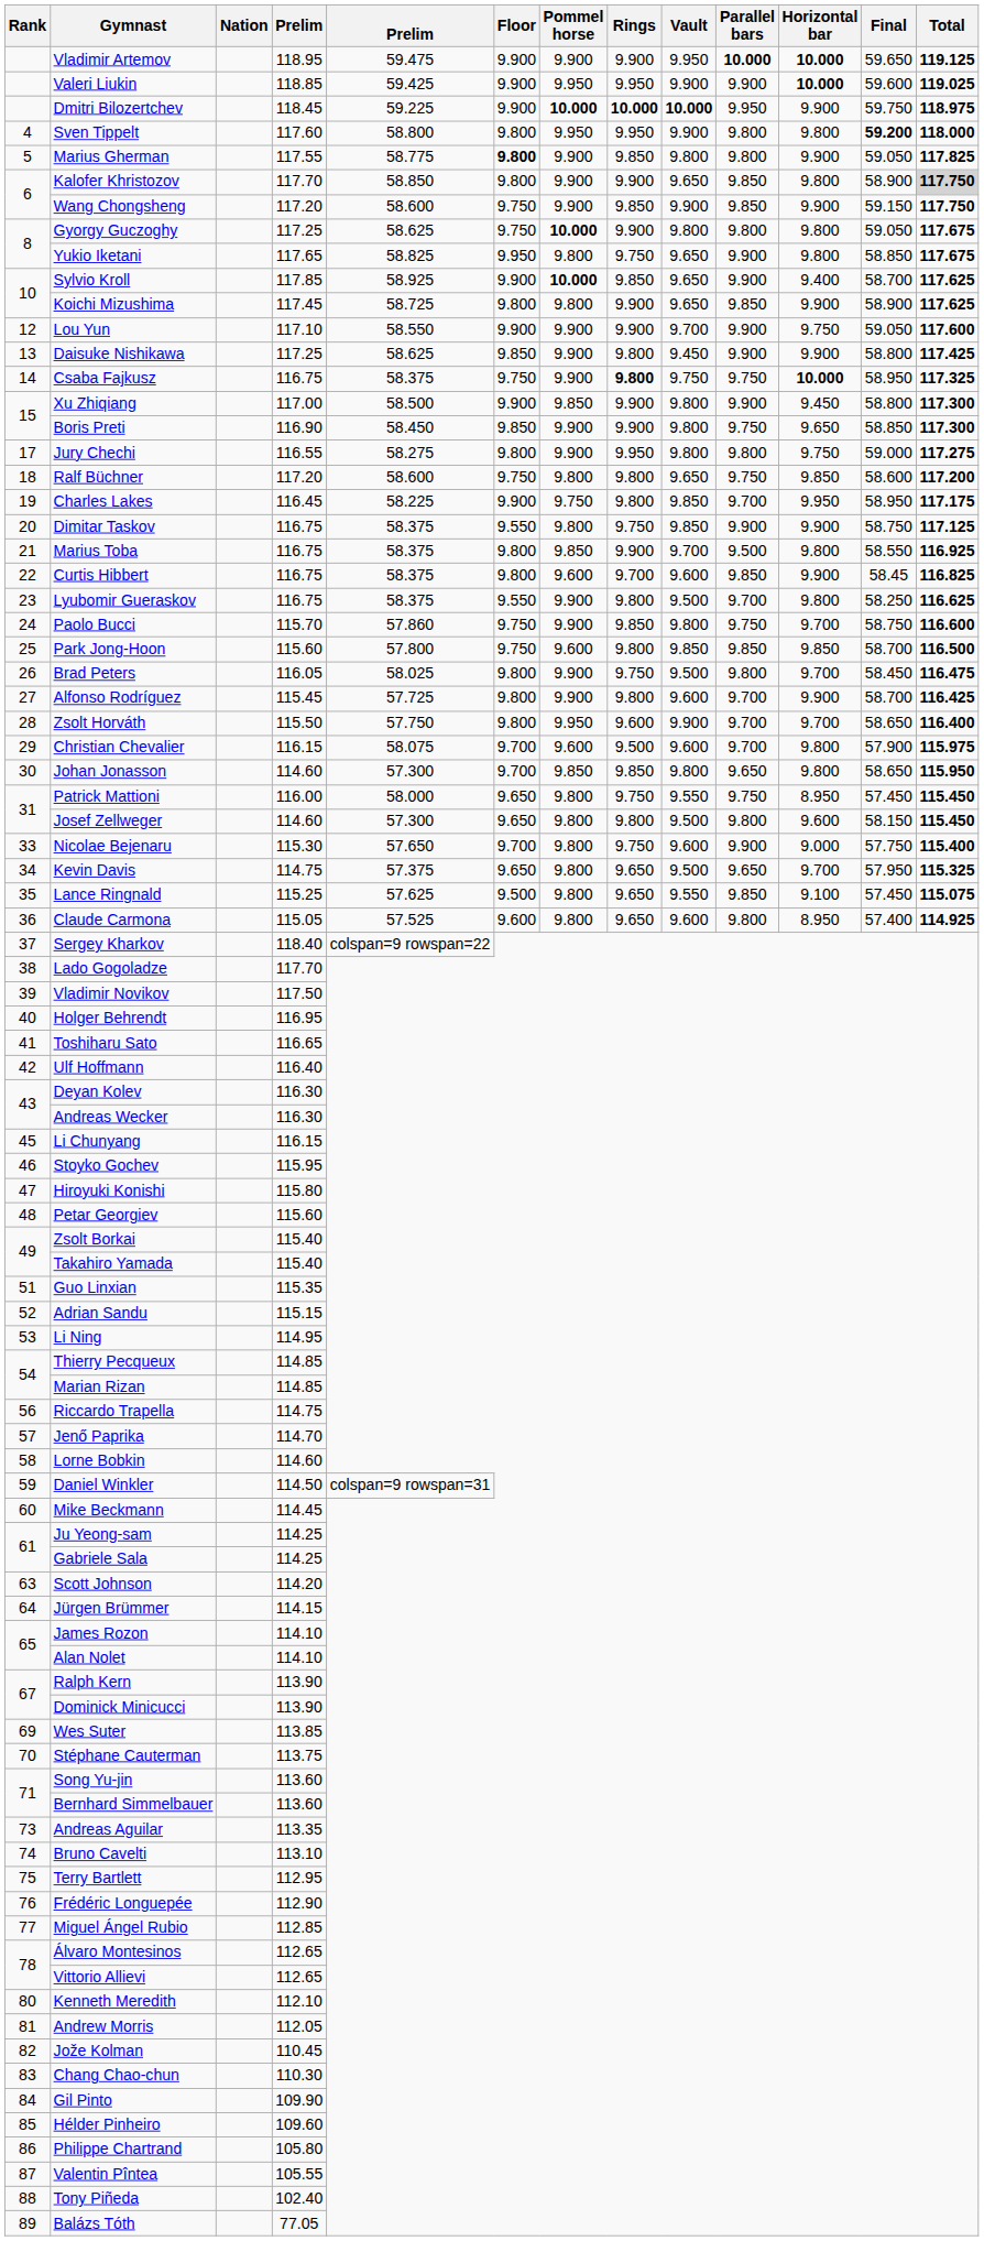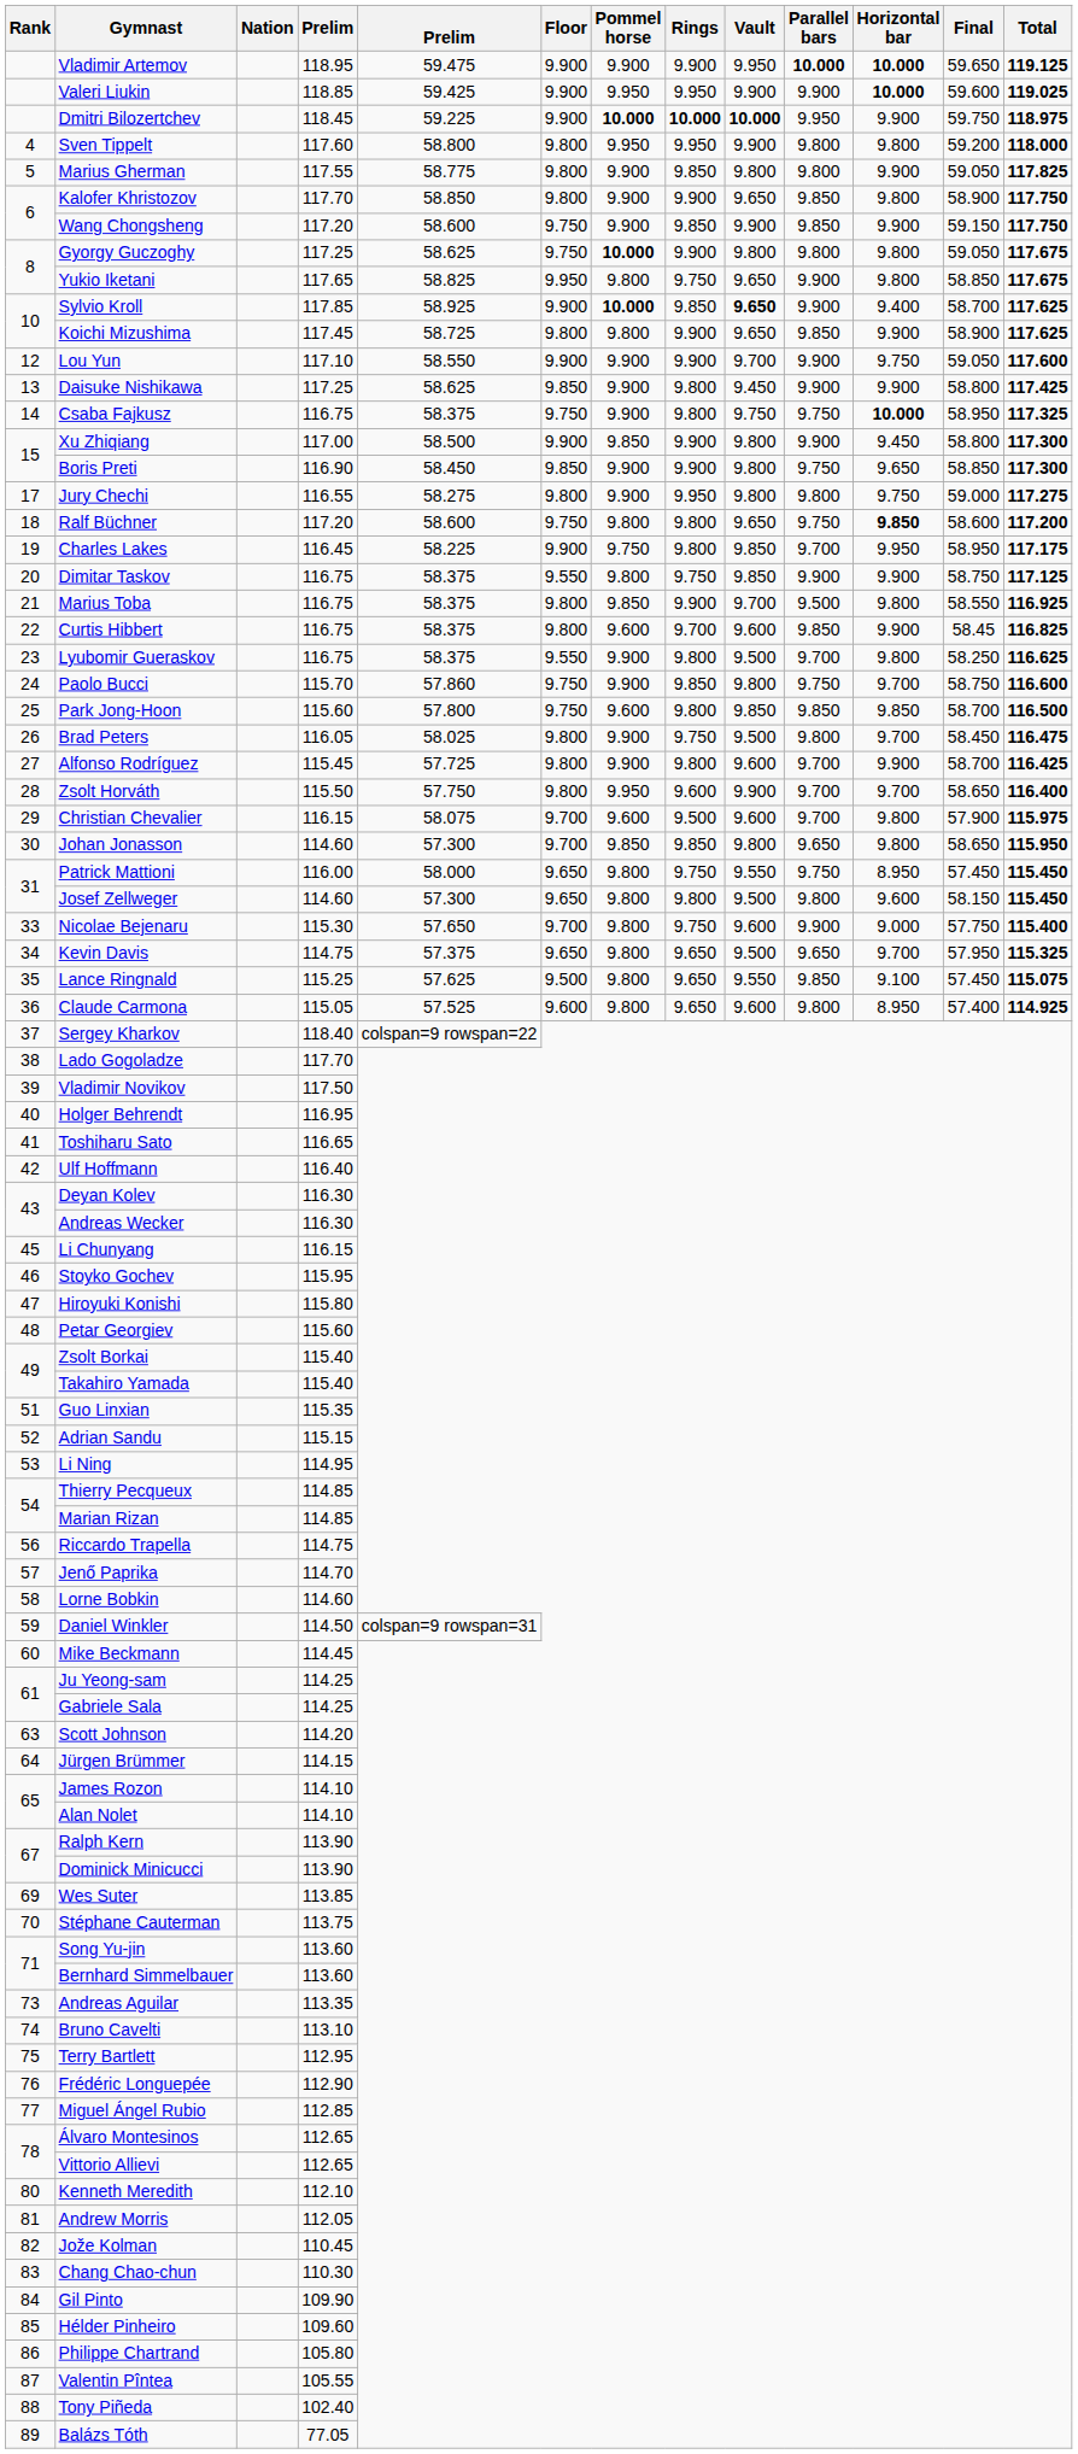 <table class="wikitable sortable" style="text-align:center">
 <tr>
 <th>Rank</th>
 <th>Gymnast</th>
 <th>Nation</th>
 <th>Prelim</th>
 <th><br>Prelim</th>
 <th>Floor</th>
 <th>Pommel<br>horse</th>
 <th>Rings</th>
 <th>Vault</th>
 <th>Parallel<br>bars</th>
 <th>Horizontal<br>bar</th>
 <th>Final</th>
 <th>Total</th>
 </tr>
 <tr>
 <td></td>
 <td align=left><a href='#'>Vladimir Artemov</a></td>
 <td align=left></td>
 <td>118.95</td>
 <td>59.475</td>
 <td>9.900</td>
 <td>9.900</td>
 <td>9.900</td>
 <td>9.950</td>
 <td><strong>10.000</strong></td>
 <td><strong>10.000</strong></td>
 <td>59.650</td>
 <td><strong>119.125</strong></td>
 </tr>
 <tr>
 <td></td>
 <td align=left><a href='#'>Valeri Liukin</a></td>
 <td align=left></td>
 <td>118.85</td>
 <td>59.425</td>
 <td>9.900</td>
 <td>9.950</td>
 <td>9.950</td>
 <td>9.900</td>
 <td>9.900</td>
 <td><strong>10.000</strong></td>
 <td>59.600</td>
 <td><strong>119.025</strong></td>
 </tr>
 <tr>
 <td></td>
 <td align=left><a href='#'>Dmitri Bilozertchev</a></td>
 <td align=left></td>
 <td>118.45</td>
 <td>59.225</td>
 <td>9.900</td>
 <td><strong>10.000</strong></td>
 <td><strong>10.000</strong></td>
 <td><strong>10.000</strong></td>
 <td>9.950</td>
 <td>9.900</td>
 <td>59.750</td>
 <td><strong>118.975</strong></td>
 </tr>
 <tr>
 <td>4</td>
 <td align=left><a href='#'>Sven Tippelt</a></td>
 <td align=left></td>
 <td>117.60</td>
 <td>58.800</td>
 <td>9.800</td>
 <td>9.950</td>
 <td>9.950</td>
 <td>9.900</td>
 <td>9.800</td>
 <td>9.800</td>
-<td><strong>59.200</strong></td>
+<td>59.200</td>
 <td><strong>118.000</strong></td>
 </tr>
 <tr>
 <td>5</td>
 <td align=left><a href='#'>Marius Gherman</a></td>
 <td align=left></td>
 <td>117.55</td>
 <td>58.775</td>
-<td><strong>9.800</strong></td>
+<td>9.800</td>
 <td>9.900</td>
 <td>9.850</td>
 <td>9.800</td>
 <td>9.800</td>
 <td>9.900</td>
 <td>59.050</td>
 <td><strong>117.825</strong></td>
 </tr>
 <tr>
 <td rowspan=2>6</td>
 <td align=left><a href='#'>Kalofer Khristozov</a></td>
 <td align=left></td>
 <td>117.70</td>
 <td>58.850</td>
 <td>9.800</td>
 <td>9.900</td>
 <td>9.900</td>
 <td>9.650</td>
 <td>9.850</td>
 <td>9.800</td>
 <td>58.900</td>
-<td style="background: lightgrey;"><strong>117.750</strong></td>
+<td><strong>117.750</strong></td>
 </tr>
 <tr>
 <td align=left><a href='#'>Wang Chongsheng</a></td>
 <td align=left></td>
 <td>117.20</td>
 <td>58.600</td>
 <td>9.750</td>
 <td>9.900</td>
 <td>9.850</td>
 <td>9.900</td>
 <td>9.850</td>
 <td>9.900</td>
 <td>59.150</td>
 <td><strong>117.750</strong></td>
 </tr>
 <tr>
 <td rowspan=2>8</td>
 <td align=left><a href='#'>Gyorgy Guczoghy</a></td>
 <td align=left></td>
 <td>117.25</td>
 <td>58.625</td>
 <td>9.750</td>
 <td><strong>10.000</strong></td>
 <td>9.900</td>
 <td>9.800</td>
 <td>9.800</td>
 <td>9.800</td>
 <td>59.050</td>
 <td><strong>117.675</strong></td>
 </tr>
 <tr>
 <td align=left><a href='#'>Yukio Iketani</a></td>
 <td align=left></td>
 <td>117.65</td>
 <td>58.825</td>
 <td>9.950</td>
 <td>9.800</td>
 <td>9.750</td>
 <td>9.650</td>
 <td>9.900</td>
 <td>9.800</td>
 <td>58.850</td>
 <td><strong>117.675</strong></td>
 </tr>
 <tr>
 <td rowspan=2>10</td>
 <td align=left><a href='#'>Sylvio Kroll</a></td>
 <td align=left></td>
 <td>117.85</td>
 <td>58.925</td>
 <td>9.900</td>
 <td><strong>10.000</strong></td>
 <td>9.850</td>
-<td>9.650</td>
+<td><strong>9.650</strong></td>
 <td>9.900</td>
 <td>9.400</td>
 <td>58.700</td>
 <td><strong>117.625</strong></td>
 </tr>
 <tr>
 <td align=left><a href='#'>Koichi Mizushima</a></td>
 <td align=left></td>
 <td>117.45</td>
 <td>58.725</td>
 <td>9.800</td>
 <td>9.800</td>
 <td>9.900</td>
 <td>9.650</td>
 <td>9.850</td>
 <td>9.900</td>
 <td>58.900</td>
 <td><strong>117.625</strong></td>
 </tr>
 <tr>
 <td>12</td>
 <td align=left><a href='#'>Lou Yun</a></td>
 <td align=left></td>
 <td>117.10</td>
 <td>58.550</td>
 <td>9.900</td>
 <td>9.900</td>
 <td>9.900</td>
 <td>9.700</td>
 <td>9.900</td>
 <td>9.750</td>
 <td>59.050</td>
 <td><strong>117.600</strong></td>
 </tr>
 <tr>
 <td>13</td>
 <td align=left><a href='#'>Daisuke Nishikawa</a></td>
 <td align=left></td>
 <td>117.25</td>
 <td>58.625</td>
 <td>9.850</td>
 <td>9.900</td>
 <td>9.800</td>
 <td>9.450</td>
 <td>9.900</td>
 <td>9.900</td>
 <td>58.800</td>
 <td><strong>117.425</strong></td>
 </tr>
 <tr>
 <td>14</td>
 <td align=left><a href='#'>Csaba Fajkusz</a></td>
 <td align=left></td>
 <td>116.75</td>
 <td>58.375</td>
 <td>9.750</td>
 <td>9.900</td>
-<td><strong>9.800</strong></td>
+<td>9.800</td>
 <td>9.750</td>
 <td>9.750</td>
 <td><strong>10.000</strong></td>
 <td>58.950</td>
 <td><strong>117.325</strong></td>
 </tr>
 <tr>
 <td rowspan=2>15</td>
 <td align=left><a href='#'>Xu Zhiqiang</a></td>
 <td align=left></td>
 <td>117.00</td>
 <td>58.500</td>
 <td>9.900</td>
 <td>9.850</td>
 <td>9.900</td>
 <td>9.800</td>
 <td>9.900</td>
 <td>9.450</td>
 <td>58.800</td>
 <td><strong>117.300</strong></td>
 </tr>
 <tr>
 <td align=left><a href='#'>Boris Preti</a></td>
 <td align=left></td>
 <td>116.90</td>
 <td>58.450</td>
 <td>9.850</td>
 <td>9.900</td>
 <td>9.900</td>
 <td>9.800</td>
 <td>9.750</td>
 <td>9.650</td>
 <td>58.850</td>
 <td><strong>117.300</strong></td>
 </tr>
 <tr>
 <td>17</td>
 <td align=left><a href='#'>Jury Chechi</a></td>
 <td align=left></td>
 <td>116.55</td>
 <td>58.275</td>
 <td>9.800</td>
 <td>9.900</td>
 <td>9.950</td>
 <td>9.800</td>
 <td>9.800</td>
 <td>9.750</td>
 <td>59.000</td>
 <td><strong>117.275</strong></td>
 </tr>
 <tr>
 <td>18</td>
 <td align=left><a href='#'>Ralf Büchner</a></td>
 <td align=left></td>
 <td>117.20</td>
 <td>58.600</td>
 <td>9.750</td>
 <td>9.800</td>
 <td>9.800</td>
 <td>9.650</td>
 <td>9.750</td>
-<td>9.850</td>
+<td><strong>9.850</strong></td>
 <td>58.600</td>
 <td><strong>117.200</strong></td>
 </tr>
 <tr>
 <td>19</td>
 <td align=left><a href='#'>Charles Lakes</a></td>
 <td align=left></td>
 <td>116.45</td>
 <td>58.225</td>
 <td>9.900</td>
 <td>9.750</td>
 <td>9.800</td>
 <td>9.850</td>
 <td>9.700</td>
 <td>9.950</td>
 <td>58.950</td>
 <td><strong>117.175</strong></td>
 </tr>
 <tr>
 <td>20</td>
 <td align=left><a href='#'>Dimitar Taskov</a></td>
 <td align=left></td>
 <td>116.75</td>
 <td>58.375</td>
 <td>9.550</td>
 <td>9.800</td>
 <td>9.750</td>
 <td>9.850</td>
 <td>9.900</td>
 <td>9.900</td>
 <td>58.750</td>
 <td><strong>117.125</strong></td>
 </tr>
 <tr>
 <td>21</td>
 <td align=left><a href='#'>Marius Toba</a></td>
 <td align=left></td>
 <td>116.75</td>
 <td>58.375</td>
 <td>9.800</td>
 <td>9.850</td>
 <td>9.900</td>
 <td>9.700</td>
 <td>9.500</td>
 <td>9.800</td>
 <td>58.550</td>
 <td><strong>116.925</strong></td>
 </tr>
 <tr>
 <td>22</td>
 <td align=left><a href='#'>Curtis Hibbert</a></td>
 <td align=left></td>
 <td>116.75</td>
 <td>58.375</td>
 <td>9.800</td>
 <td>9.600</td>
 <td>9.700</td>
 <td>9.600</td>
 <td>9.850</td>
 <td>9.900</td>
 <td>58.45</td>
 <td><strong>116.825</strong></td>
 </tr>
 <tr>
 <td>23</td>
 <td align=left><a href='#'>Lyubomir Gueraskov</a></td>
 <td align=left></td>
 <td>116.75</td>
 <td>58.375</td>
 <td>9.550</td>
 <td>9.900</td>
 <td>9.800</td>
 <td>9.500</td>
 <td>9.700</td>
 <td>9.800</td>
 <td>58.250</td>
 <td><strong>116.625</strong></td>
 </tr>
 <tr>
 <td>24</td>
 <td align=left><a href='#'>Paolo Bucci</a></td>
 <td align=left></td>
 <td>115.70</td>
 <td>57.860</td>
 <td>9.750</td>
 <td>9.900</td>
 <td>9.850</td>
 <td>9.800</td>
 <td>9.750</td>
 <td>9.700</td>
 <td>58.750</td>
 <td><strong>116.600</strong></td>
 </tr>
 <tr>
 <td>25</td>
 <td align=left><a href='#'>Park Jong-Hoon</a></td>
 <td align=left></td>
 <td>115.60</td>
 <td>57.800</td>
 <td>9.750</td>
 <td>9.600</td>
 <td>9.800</td>
 <td>9.850</td>
 <td>9.850</td>
 <td>9.850</td>
 <td>58.700</td>
 <td><strong>116.500</strong></td>
 </tr>
 <tr>
 <td>26</td>
 <td align=left><a href='#'>Brad Peters</a></td>
 <td align=left></td>
 <td>116.05</td>
 <td>58.025</td>
 <td>9.800</td>
 <td>9.900</td>
 <td>9.750</td>
 <td>9.500</td>
 <td>9.800</td>
 <td>9.700</td>
 <td>58.450</td>
 <td><strong>116.475</strong></td>
 </tr>
 <tr>
 <td>27</td>
 <td align=left><a href='#'>Alfonso Rodríguez</a></td>
 <td align=left></td>
 <td>115.45</td>
 <td>57.725</td>
 <td>9.800</td>
 <td>9.900</td>
 <td>9.800</td>
 <td>9.600</td>
 <td>9.700</td>
 <td>9.900</td>
 <td>58.700</td>
 <td><strong>116.425</strong></td>
 </tr>
 <tr>
 <td>28</td>
 <td align=left><a href='#'>Zsolt Horváth</a></td>
 <td align=left></td>
 <td>115.50</td>
 <td>57.750</td>
 <td>9.800</td>
 <td>9.950</td>
 <td>9.600</td>
 <td>9.900</td>
 <td>9.700</td>
 <td>9.700</td>
 <td>58.650</td>
 <td><strong>116.400</strong></td>
 </tr>
 <tr>
 <td>29</td>
 <td align=left><a href='#'>Christian Chevalier</a></td>
 <td align=left></td>
 <td>116.15</td>
 <td>58.075</td>
 <td>9.700</td>
 <td>9.600</td>
 <td>9.500</td>
 <td>9.600</td>
 <td>9.700</td>
 <td>9.800</td>
 <td>57.900</td>
 <td><strong>115.975</strong></td>
 </tr>
 <tr>
 <td>30</td>
 <td align=left><a href='#'>Johan Jonasson</a></td>
 <td align=left></td>
 <td>114.60</td>
 <td>57.300</td>
 <td>9.700</td>
 <td>9.850</td>
 <td>9.850</td>
 <td>9.800</td>
 <td>9.650</td>
 <td>9.800</td>
 <td>58.650</td>
 <td><strong>115.950</strong></td>
 </tr>
 <tr>
 <td rowspan=2>31</td>
 <td align=left><a href='#'>Patrick Mattioni</a></td>
 <td align=left></td>
 <td>116.00</td>
 <td>58.000</td>
 <td>9.650</td>
 <td>9.800</td>
 <td>9.750</td>
 <td>9.550</td>
 <td>9.750</td>
 <td>8.950</td>
 <td>57.450</td>
 <td><strong>115.450</strong></td>
 </tr>
 <tr>
 <td align=left><a href='#'>Josef Zellweger</a></td>
 <td align=left></td>
 <td>114.60</td>
 <td>57.300</td>
 <td>9.650</td>
 <td>9.800</td>
 <td>9.800</td>
 <td>9.500</td>
 <td>9.800</td>
 <td>9.600</td>
 <td>58.150</td>
 <td><strong>115.450</strong></td>
 </tr>
 <tr>
 <td>33</td>
 <td align=left><a href='#'>Nicolae Bejenaru</a></td>
 <td align=left></td>
 <td>115.30</td>
 <td>57.650</td>
 <td>9.700</td>
 <td>9.800</td>
 <td>9.750</td>
 <td>9.600</td>
 <td>9.900</td>
 <td>9.000</td>
 <td>57.750</td>
 <td><strong>115.400</strong></td>
 </tr>
 <tr>
 <td>34</td>
 <td align=left><a href='#'>Kevin Davis</a></td>
 <td align=left></td>
 <td>114.75</td>
 <td>57.375</td>
 <td>9.650</td>
 <td>9.800</td>
 <td>9.650</td>
 <td>9.500</td>
 <td>9.650</td>
 <td>9.700</td>
 <td>57.950</td>
 <td><strong>115.325</strong></td>
 </tr>
 <tr>
 <td>35</td>
 <td align=left><a href='#'>Lance Ringnald</a></td>
 <td align=left></td>
 <td>115.25</td>
 <td>57.625</td>
 <td>9.500</td>
 <td>9.800</td>
 <td>9.650</td>
 <td>9.550</td>
 <td>9.850</td>
 <td>9.100</td>
 <td>57.450</td>
 <td><strong>115.075</strong></td>
 </tr>
 <tr>
 <td>36</td>
 <td align=left><a href='#'>Claude Carmona</a></td>
 <td align=left></td>
 <td>115.05</td>
 <td>57.525</td>
 <td>9.600</td>
 <td>9.800</td>
 <td>9.650</td>
 <td>9.600</td>
 <td>9.800</td>
 <td>8.950</td>
 <td>57.400</td>
 <td><strong>114.925</strong></td>
 </tr>
 <tr>
 <td>37</td>
 <td align=left><a href='#'>Sergey Kharkov</a></td>
 <td align="left"></td>
 <td>118.40</td>
 <td>colspan=9 rowspan=22 </td>
 </tr>
 <tr>
 <td>38</td>
 <td align=left><a href='#'>Lado Gogoladze</a></td>
 <td align="left"></td>
 <td>117.70</td>
 </tr>
 <tr>
 <td>39</td>
 <td align=left><a href='#'>Vladimir Novikov</a></td>
 <td align="left"></td>
 <td>117.50</td>
 </tr>
 <tr>
 <td>40</td>
 <td align=left><a href='#'>Holger Behrendt</a></td>
 <td align="left"></td>
 <td>116.95</td>
 </tr>
 <tr>
 <td>41</td>
 <td align=left><a href='#'>Toshiharu Sato</a></td>
 <td align="left"></td>
 <td>116.65</td>
 </tr>
 <tr>
 <td>42</td>
 <td align=left><a href='#'>Ulf Hoffmann</a></td>
 <td align="left"></td>
 <td>116.40</td>
 </tr>
 <tr>
 <td rowspan=2>43</td>
 <td align=left><a href='#'>Deyan Kolev</a></td>
 <td align="left"></td>
 <td>116.30</td>
 </tr>
 <tr>
 <td align=left><a href='#'>Andreas Wecker</a></td>
 <td align="left"></td>
 <td>116.30</td>
 </tr>
 <tr>
 <td>45</td>
 <td align=left><a href='#'>Li Chunyang</a></td>
 <td align="left"></td>
 <td>116.15</td>
 </tr>
 <tr>
 <td>46</td>
 <td align=left><a href='#'>Stoyko Gochev</a></td>
 <td align="left"></td>
 <td>115.95</td>
 </tr>
 <tr>
 <td>47</td>
 <td align=left><a href='#'>Hiroyuki Konishi</a></td>
 <td align="left"></td>
 <td>115.80</td>
 </tr>
 <tr>
 <td>48</td>
 <td align=left><a href='#'>Petar Georgiev</a></td>
 <td align="left"></td>
 <td>115.60</td>
 </tr>
 <tr>
 <td rowspan=2>49</td>
 <td align=left><a href='#'>Zsolt Borkai</a></td>
 <td align="left"></td>
 <td>115.40</td>
 </tr>
 <tr>
 <td align=left><a href='#'>Takahiro Yamada</a></td>
 <td align="left"></td>
 <td>115.40</td>
 </tr>
 <tr>
 <td>51</td>
 <td align=left><a href='#'>Guo Linxian</a></td>
 <td align="left"></td>
 <td>115.35</td>
 </tr>
 <tr>
 <td>52</td>
 <td align=left><a href='#'>Adrian Sandu</a></td>
 <td align="left"></td>
 <td>115.15</td>
 </tr>
 <tr>
 <td>53</td>
 <td align=left><a href='#'>Li Ning</a></td>
 <td align="left"></td>
 <td>114.95</td>
 </tr>
 <tr>
 <td rowspan=2>54</td>
 <td align=left><a href='#'>Thierry Pecqueux</a></td>
 <td align="left"></td>
 <td>114.85</td>
 </tr>
 <tr>
 <td align=left><a href='#'>Marian Rizan</a></td>
 <td align="left"></td>
 <td>114.85</td>
 </tr>
 <tr>
 <td>56</td>
 <td align=left><a href='#'>Riccardo Trapella</a></td>
 <td align="left"></td>
 <td>114.75</td>
 </tr>
 <tr>
 <td>57</td>
 <td align=left><a href='#'>Jenő Paprika</a></td>
 <td align="left"></td>
 <td>114.70</td>
 </tr>
 <tr>
 <td>58</td>
 <td align=left><a href='#'>Lorne Bobkin</a></td>
 <td align="left"></td>
 <td>114.60</td>
 </tr>
 <tr>
 <td>59</td>
 <td align=left><a href='#'>Daniel Winkler</a></td>
 <td align="left"></td>
 <td>114.50</td>
 <td>colspan=9 rowspan=31 </td>
 </tr>
 <tr>
 <td>60</td>
 <td align=left><a href='#'>Mike Beckmann</a></td>
 <td align="left"></td>
 <td>114.45</td>
 </tr>
 <tr>
 <td rowspan=2>61</td>
 <td align=left><a href='#'>Ju Yeong-sam</a></td>
 <td align="left"></td>
 <td>114.25</td>
 </tr>
 <tr>
 <td align=left><a href='#'>Gabriele Sala</a></td>
 <td align="left"></td>
 <td>114.25</td>
 </tr>
 <tr>
 <td>63</td>
 <td align=left><a href='#'>Scott Johnson</a></td>
 <td align="left"></td>
 <td>114.20</td>
 </tr>
 <tr>
 <td>64</td>
 <td align=left><a href='#'>Jürgen Brümmer</a></td>
 <td align="left"></td>
 <td>114.15</td>
 </tr>
 <tr>
 <td rowspan=2>65</td>
 <td align=left><a href='#'>James Rozon</a></td>
 <td align="left"></td>
 <td>114.10</td>
 </tr>
 <tr>
 <td align=left><a href='#'>Alan Nolet</a></td>
 <td align="left"></td>
 <td>114.10</td>
 </tr>
 <tr>
 <td rowspan=2>67</td>
 <td align=left><a href='#'>Ralph Kern</a></td>
 <td align="left"></td>
 <td>113.90</td>
 </tr>
 <tr>
 <td align=left><a href='#'>Dominick Minicucci</a></td>
 <td align="left"></td>
 <td>113.90</td>
 </tr>
 <tr>
 <td>69</td>
 <td align=left><a href='#'>Wes Suter</a></td>
 <td align="left"></td>
 <td>113.85</td>
 </tr>
 <tr>
 <td>70</td>
 <td align=left><a href='#'>Stéphane Cauterman</a></td>
 <td align="left"></td>
 <td>113.75</td>
 </tr>
 <tr>
 <td rowspan=2>71</td>
 <td align=left><a href='#'>Song Yu-jin</a></td>
 <td align="left"></td>
 <td>113.60</td>
 </tr>
 <tr>
 <td align=left><a href='#'>Bernhard Simmelbauer</a></td>
 <td align="left"></td>
 <td>113.60</td>
 </tr>
 <tr>
 <td>73</td>
 <td align=left><a href='#'>Andreas Aguilar</a></td>
 <td align="left"></td>
 <td>113.35</td>
 </tr>
 <tr>
 <td>74</td>
 <td align=left><a href='#'>Bruno Cavelti</a></td>
 <td align="left"></td>
 <td>113.10</td>
 </tr>
 <tr>
 <td>75</td>
 <td align=left><a href='#'>Terry Bartlett</a></td>
 <td align="left"></td>
 <td>112.95</td>
 </tr>
 <tr>
 <td>76</td>
 <td align=left><a href='#'>Frédéric Longuepée</a></td>
 <td align="left"></td>
 <td>112.90</td>
 </tr>
 <tr>
 <td>77</td>
 <td align=left><a href='#'>Miguel Ángel Rubio</a></td>
 <td align="left"></td>
 <td>112.85</td>
 </tr>
 <tr>
 <td rowspan=2>78</td>
 <td align=left><a href='#'>Álvaro Montesinos</a></td>
 <td align="left"></td>
 <td>112.65</td>
 </tr>
 <tr>
 <td align=left><a href='#'>Vittorio Allievi</a></td>
 <td align="left"></td>
 <td>112.65</td>
 </tr>
 <tr>
 <td>80</td>
 <td align=left><a href='#'>Kenneth Meredith</a></td>
 <td align="left"></td>
 <td>112.10</td>
 </tr>
 <tr>
 <td>81</td>
 <td align=left><a href='#'>Andrew Morris</a></td>
 <td align="left"></td>
 <td>112.05</td>
 </tr>
 <tr>
 <td>82</td>
 <td align=left><a href='#'>Jože Kolman</a></td>
 <td align="left"></td>
 <td>110.45</td>
 </tr>
 <tr>
 <td>83</td>
 <td align=left><a href='#'>Chang Chao-chun</a></td>
 <td align="left"></td>
 <td>110.30</td>
 </tr>
 <tr>
 <td>84</td>
 <td align=left><a href='#'>Gil Pinto</a></td>
 <td align="left"></td>
 <td>109.90</td>
 </tr>
 <tr>
 <td>85</td>
 <td align=left><a href='#'>Hélder Pinheiro</a></td>
 <td align="left"></td>
 <td>109.60</td>
 </tr>
 <tr>
 <td>86</td>
 <td align=left><a href='#'>Philippe Chartrand</a></td>
 <td align="left"></td>
 <td>105.80</td>
 </tr>
 <tr>
 <td>87</td>
 <td align=left><a href='#'>Valentin Pîntea</a></td>
 <td align="left"></td>
 <td>105.55</td>
 </tr>
 <tr>
 <td>88</td>
 <td align=left><a href='#'>Tony Piñeda</a></td>
 <td align="left"></td>
 <td>102.40</td>
 </tr>
 <tr>
 <td>89</td>
 <td align=left><a href='#'>Balázs Tóth</a></td>
 <td align="left"></td>
 <td>77.05</td>
 </tr>
 </table>
